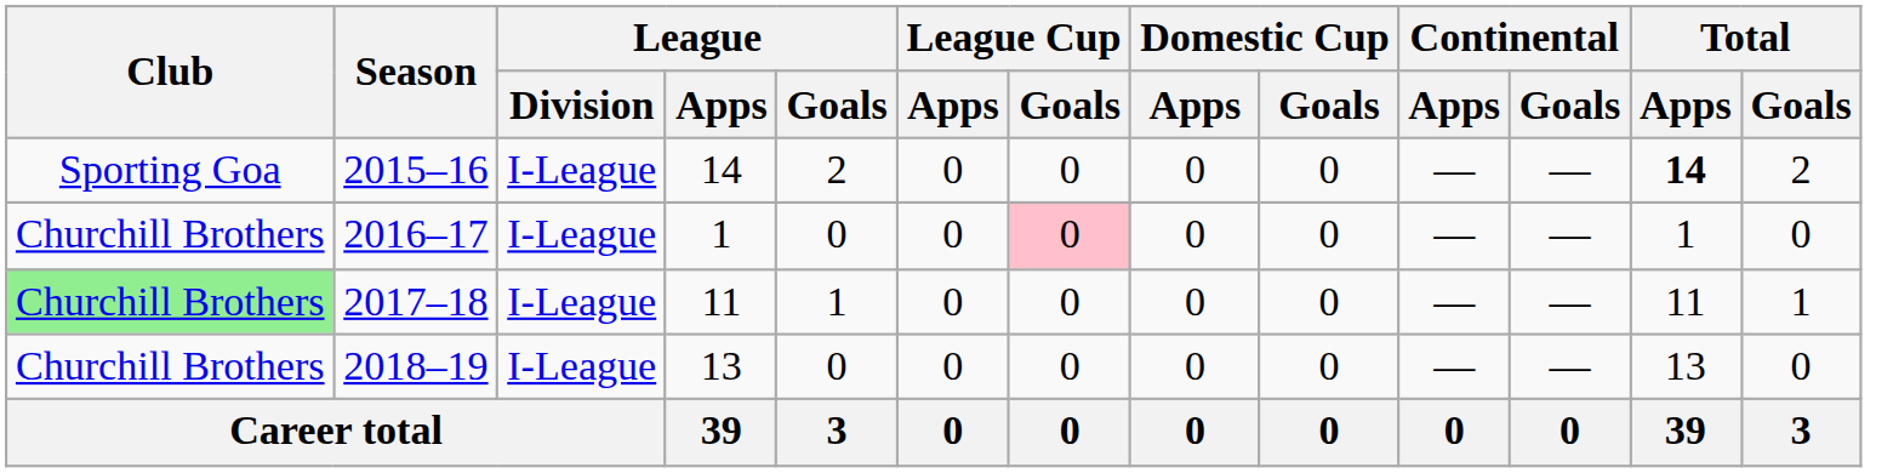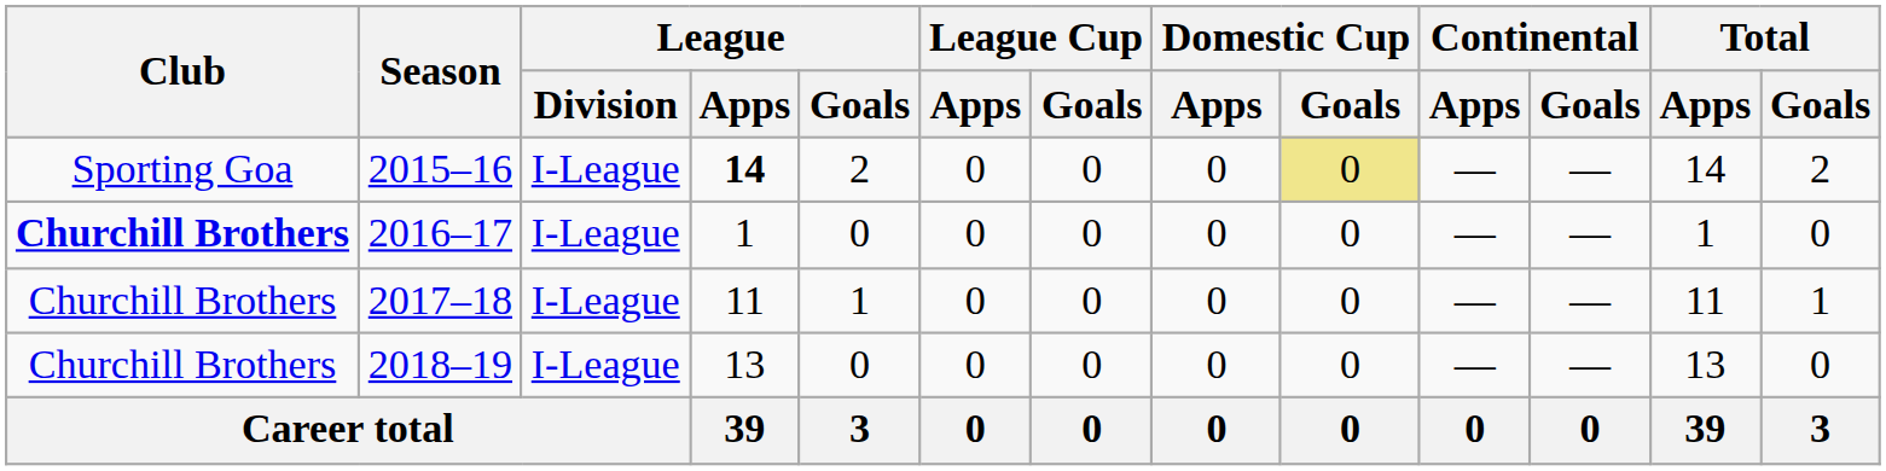 <table class="wikitable" style="text-align: center;">
 <tr>
 <th rowspan="2">Club</th>
 <th rowspan="2">Season</th>
 <th colspan="3">League</th>
 <th colspan="2">League Cup</th>
 <th colspan="2">Domestic Cup</th>
 <th colspan="2">Continental</th>
 <th colspan="2">Total</th>
 </tr>
 <tr>
 <th>Division</th>
 <th>Apps</th>
 <th>Goals</th>
 <th>Apps</th>
 <th>Goals</th>
 <th>Apps</th>
 <th>Goals</th>
 <th>Apps</th>
 <th>Goals</th>
 <th>Apps</th>
 <th>Goals</th>
 </tr>
 <tr>
 <td rowspan="1"><a href='#'>Sporting Goa</a></td>
 <td><a href='#'>2015–16</a></td>
 <td><a href='#'>I-League</a></td>
-<td>14</td>
+<td><strong>14</strong></td>
 <td>2</td>
 <td>0</td>
 <td>0</td>
 <td>0</td>
-<td>0</td>
+<td style="background: khaki;">0</td>
 <td>—</td>
 <td>—</td>
-<td><strong>14</strong></td>
+<td>14</td>
 <td>2</td>
 </tr>
 <tr>
-<td rowspan="1"><a href='#'>Churchill Brothers</a></td>
+<td rowspan="1"><strong><a href='#'>Churchill Brothers</a></strong></td>
 <td><a href='#'>2016–17</a></td>
 <td><a href='#'>I-League</a></td>
 <td>1</td>
 <td>0</td>
 <td>0</td>
-<td style="background: pink;">0</td>
+<td>0</td>
 <td>0</td>
 <td>0</td>
 <td>—</td>
 <td>—</td>
 <td>1</td>
 <td>0</td>
 </tr>
 <tr>
-<td rowspan="1" style="background: lightgreen;"><a href='#'>Churchill Brothers</a></td>
+<td rowspan="1"><a href='#'>Churchill Brothers</a></td>
 <td><a href='#'>2017–18</a></td>
 <td><a href='#'>I-League</a></td>
 <td>11</td>
 <td>1</td>
 <td>0</td>
 <td>0</td>
 <td>0</td>
 <td>0</td>
 <td>—</td>
 <td>—</td>
 <td>11</td>
 <td>1</td>
 </tr>
 <tr>
 <td rowspan="1"><a href='#'>Churchill Brothers</a></td>
 <td><a href='#'>2018–19</a></td>
 <td><a href='#'>I-League</a></td>
 <td>13</td>
 <td>0</td>
 <td>0</td>
 <td>0</td>
 <td>0</td>
 <td>0</td>
 <td>—</td>
 <td>—</td>
 <td>13</td>
 <td>0</td>
 </tr>
 <tr>
 <th colspan="3">Career total</th>
 <th>39</th>
 <th>3</th>
 <th>0</th>
 <th>0</th>
 <th>0</th>
 <th>0</th>
 <th>0</th>
 <th>0</th>
 <th>39</th>
 <th>3</th>
 </tr>
 </table>
